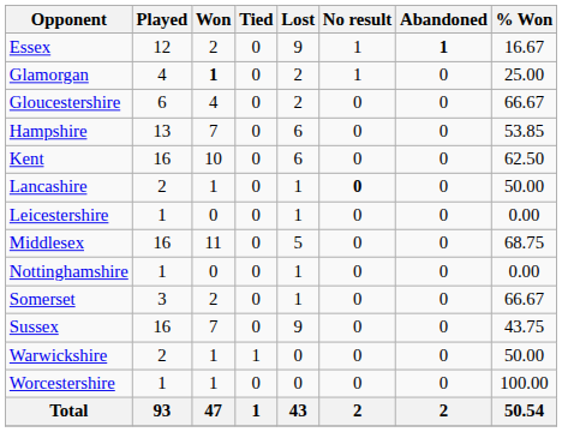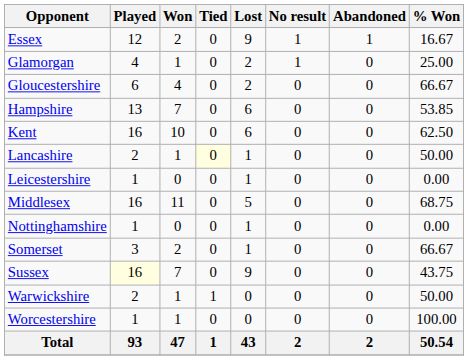 <table class="sortable wikitable" style="text-align:center">
 <tr>
 <th>Opponent</th>
 <th>Played</th>
 <th>Won</th>
 <th>Tied</th>
 <th>Lost</th>
 <th>No result</th>
 <th>Abandoned</th>
 <th>% Won</th>
 </tr>
 <tr>
 <td align="left"><a href='#'>Essex</a></td>
 <td>12</td>
 <td>2</td>
 <td>0</td>
 <td>9</td>
 <td>1</td>
-<td><strong>1</strong></td>
+<td>1</td>
 <td>16.67</td>
 </tr>
 <tr>
 <td align="left"><a href='#'>Glamorgan</a></td>
 <td>4</td>
-<td><strong>1</strong></td>
+<td>1</td>
 <td>0</td>
 <td>2</td>
 <td>1</td>
 <td>0</td>
 <td>25.00</td>
 </tr>
 <tr>
 <td align="left"><a href='#'>Gloucestershire</a></td>
 <td>6</td>
 <td>4</td>
 <td>0</td>
 <td>2</td>
 <td>0</td>
 <td>0</td>
 <td>66.67</td>
 </tr>
 <tr>
 <td align="left"><a href='#'>Hampshire</a></td>
 <td>13</td>
 <td>7</td>
 <td>0</td>
 <td>6</td>
 <td>0</td>
 <td>0</td>
 <td>53.85</td>
 </tr>
 <tr>
 <td align="left"><a href='#'>Kent</a></td>
 <td>16</td>
 <td>10</td>
 <td>0</td>
 <td>6</td>
 <td>0</td>
 <td>0</td>
 <td>62.50</td>
 </tr>
 <tr>
 <td align="left"><a href='#'>Lancashire</a></td>
 <td>2</td>
 <td>1</td>
+<td style="background: lightyellow;">0</td>
+<td>1</td>
 <td>0</td>
-<td>1</td>
-<td><strong>0</strong></td>
 <td>0</td>
 <td>50.00</td>
 </tr>
 <tr>
 <td align="left"><a href='#'>Leicestershire</a></td>
 <td>1</td>
 <td>0</td>
 <td>0</td>
 <td>1</td>
 <td>0</td>
 <td>0</td>
 <td>0.00</td>
 </tr>
 <tr>
 <td align="left"><a href='#'>Middlesex</a></td>
 <td>16</td>
 <td>11</td>
 <td>0</td>
 <td>5</td>
 <td>0</td>
 <td>0</td>
 <td>68.75</td>
 </tr>
 <tr>
 <td align="left"><a href='#'>Nottinghamshire</a></td>
 <td>1</td>
 <td>0</td>
 <td>0</td>
 <td>1</td>
 <td>0</td>
 <td>0</td>
 <td>0.00</td>
 </tr>
 <tr>
 <td align="left"><a href='#'>Somerset</a></td>
 <td>3</td>
 <td>2</td>
 <td>0</td>
 <td>1</td>
 <td>0</td>
 <td>0</td>
 <td>66.67</td>
 </tr>
 <tr>
 <td align="left"><a href='#'>Sussex</a></td>
-<td>16</td>
+<td style="background: lightyellow;">16</td>
 <td>7</td>
 <td>0</td>
 <td>9</td>
 <td>0</td>
 <td>0</td>
 <td>43.75</td>
 </tr>
 <tr>
 <td align="left"><a href='#'>Warwickshire</a></td>
 <td>2</td>
 <td>1</td>
 <td>1</td>
 <td>0</td>
 <td>0</td>
 <td>0</td>
 <td>50.00</td>
 </tr>
 <tr>
 <td align="left"><a href='#'>Worcestershire</a></td>
 <td>1</td>
 <td>1</td>
 <td>0</td>
 <td>0</td>
 <td>0</td>
 <td>0</td>
 <td>100.00</td>
 </tr>
 <tr>
 <th><strong>Total</strong></th>
 <th><strong>93</strong></th>
 <th><strong>47</strong></th>
 <th><strong>1</strong></th>
 <th><strong>43</strong></th>
 <th><strong>2</strong></th>
 <th><strong>2</strong></th>
 <th><strong>50.54</strong></th>
 </tr>
 <tr>
 </tr>
 </table>
